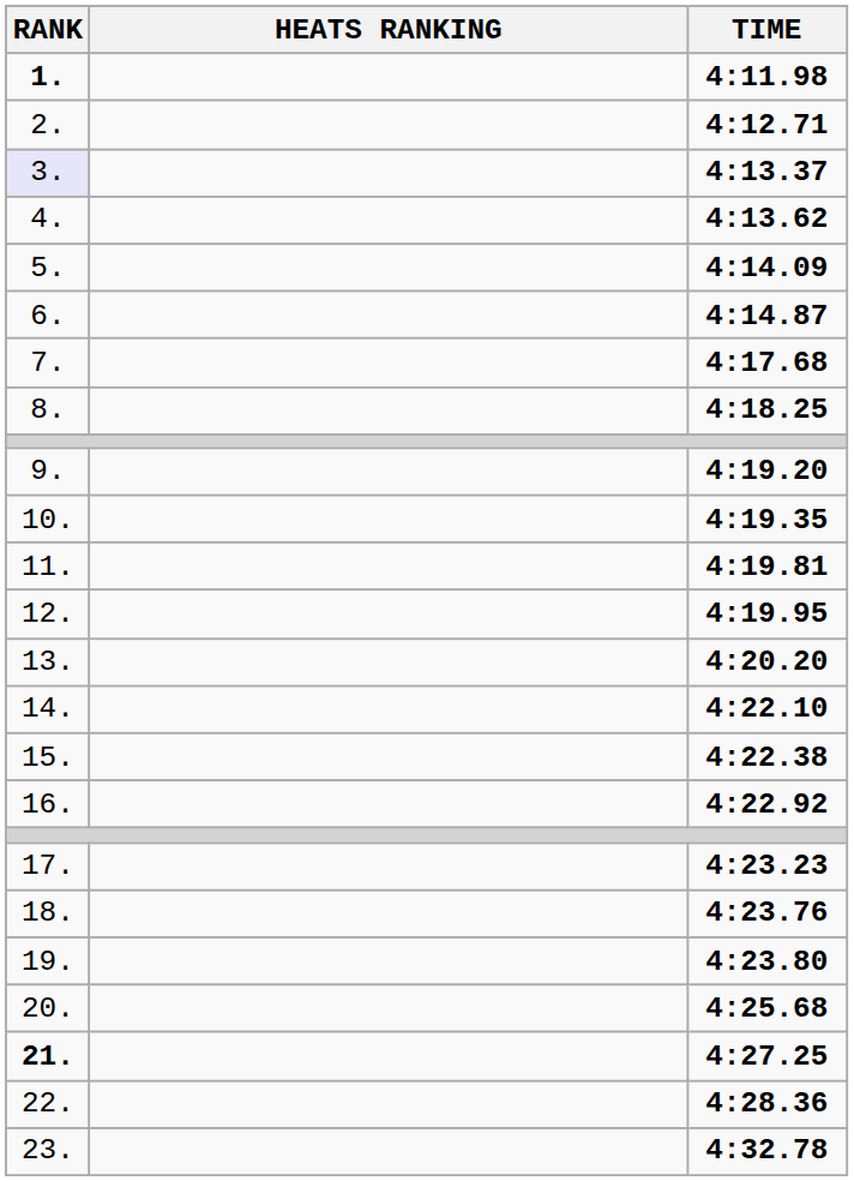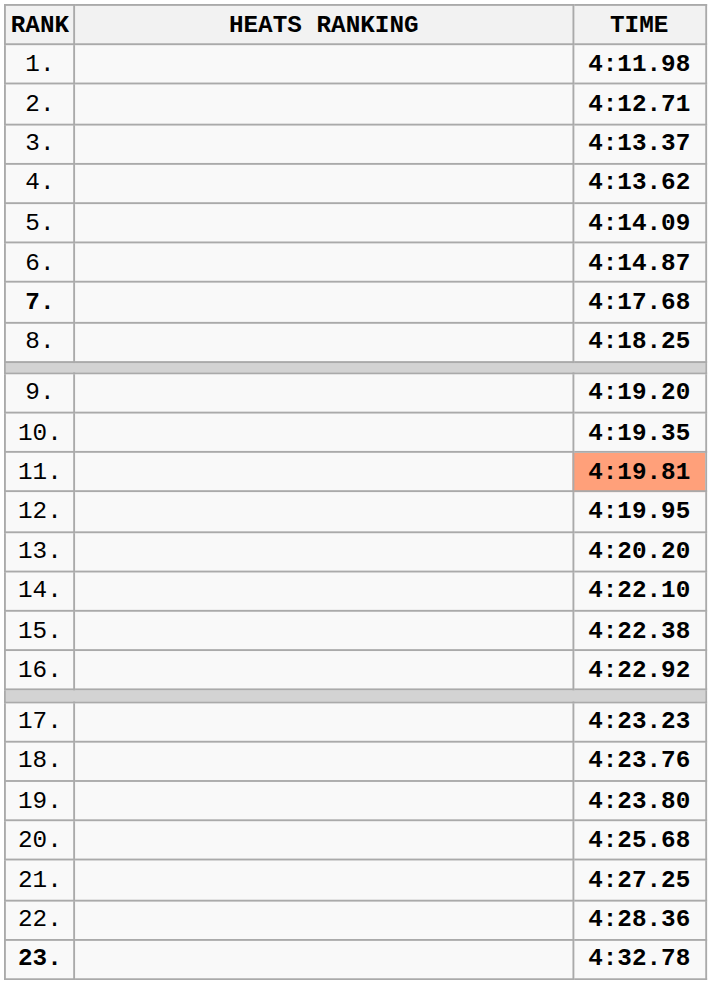 <table class="wikitable">
 <tr>
 <th>RANK</th>
 <th style="width: 20em">HEATS RANKING</th>
 <th style="width: 5em">TIME</th>
 </tr>
 <tr>
-<td align="center"><strong>1.</strong></td>
+<td align="center">1.</td>
 <td></td>
 <td align="center"><strong>4:11.98</strong></td>
 </tr>
 <tr>
 <td align="center">2.</td>
 <td></td>
 <td align="center"><strong>4:12.71</strong></td>
 </tr>
 <tr>
-<td align="center" style="background: lavender;">3.</td>
+<td align="center">3.</td>
 <td></td>
 <td align="center"><strong>4:13.37</strong></td>
 </tr>
 <tr>
 <td align="center">4.</td>
 <td></td>
 <td align="center"><strong>4:13.62</strong></td>
 </tr>
 <tr>
 <td align="center">5.</td>
 <td></td>
 <td align="center"><strong>4:14.09</strong></td>
 </tr>
 <tr>
 <td align="center">6.</td>
 <td></td>
 <td align="center"><strong>4:14.87</strong></td>
 </tr>
 <tr>
-<td align="center">7.</td>
+<td align="center"><strong>7.</strong></td>
 <td></td>
 <td align="center"><strong>4:17.68</strong></td>
 </tr>
 <tr>
 <td align="center">8.</td>
 <td></td>
 <td align="center"><strong>4:18.25</strong></td>
 </tr>
 <tr>
 <td colspan=3 bgcolor=lightgray></td>
 </tr>
 <tr>
 <td align="center">9.</td>
 <td></td>
 <td align="center"><strong>4:19.20</strong></td>
 </tr>
 <tr>
 <td align="center">10.</td>
 <td></td>
 <td align="center"><strong>4:19.35</strong></td>
 </tr>
 <tr>
 <td align="center">11.</td>
 <td></td>
-<td align="center"><strong>4:19.81</strong></td>
+<td align="center" style="background: lightsalmon;"><strong>4:19.81</strong></td>
 </tr>
 <tr>
 <td align="center">12.</td>
 <td></td>
 <td align="center"><strong>4:19.95</strong></td>
 </tr>
 <tr>
 <td align="center">13.</td>
 <td></td>
 <td align="center"><strong>4:20.20</strong></td>
 </tr>
 <tr>
 <td align="center">14.</td>
 <td></td>
 <td align="center"><strong>4:22.10</strong></td>
 </tr>
 <tr>
 <td align="center">15.</td>
 <td></td>
 <td align="center"><strong>4:22.38</strong></td>
 </tr>
 <tr>
 <td align="center">16.</td>
 <td></td>
 <td align="center"><strong>4:22.92</strong></td>
 </tr>
 <tr>
 <td colspan=3 bgcolor=lightgray></td>
 </tr>
 <tr>
 <td align="center">17.</td>
 <td></td>
 <td align="center"><strong>4:23.23</strong></td>
 </tr>
 <tr>
 <td align="center">18.</td>
 <td></td>
 <td align="center"><strong>4:23.76</strong></td>
 </tr>
 <tr>
 <td align="center">19.</td>
 <td></td>
 <td align="center"><strong>4:23.80</strong></td>
 </tr>
 <tr>
 <td align="center">20.</td>
 <td></td>
 <td align="center"><strong>4:25.68</strong></td>
 </tr>
 <tr>
-<td align="center"><strong>21.</strong></td>
+<td align="center">21.</td>
 <td></td>
 <td align="center"><strong>4:27.25</strong></td>
 </tr>
 <tr>
 <td align="center">22.</td>
 <td></td>
 <td align="center"><strong>4:28.36</strong></td>
 </tr>
 <tr>
-<td align="center">23.</td>
+<td align="center"><strong>23.</strong></td>
 <td></td>
 <td align="center"><strong>4:32.78</strong></td>
 </tr>
 </table>
